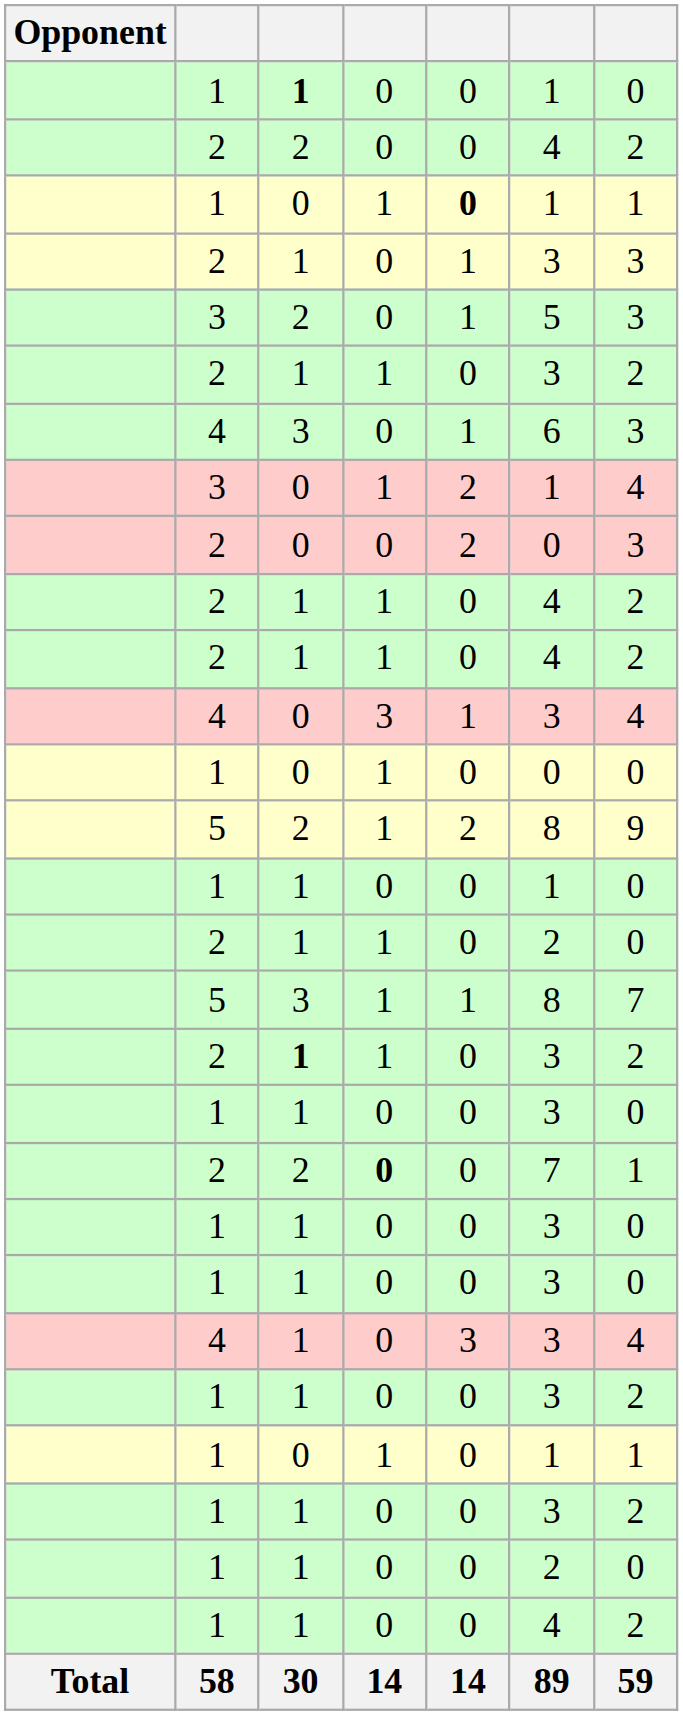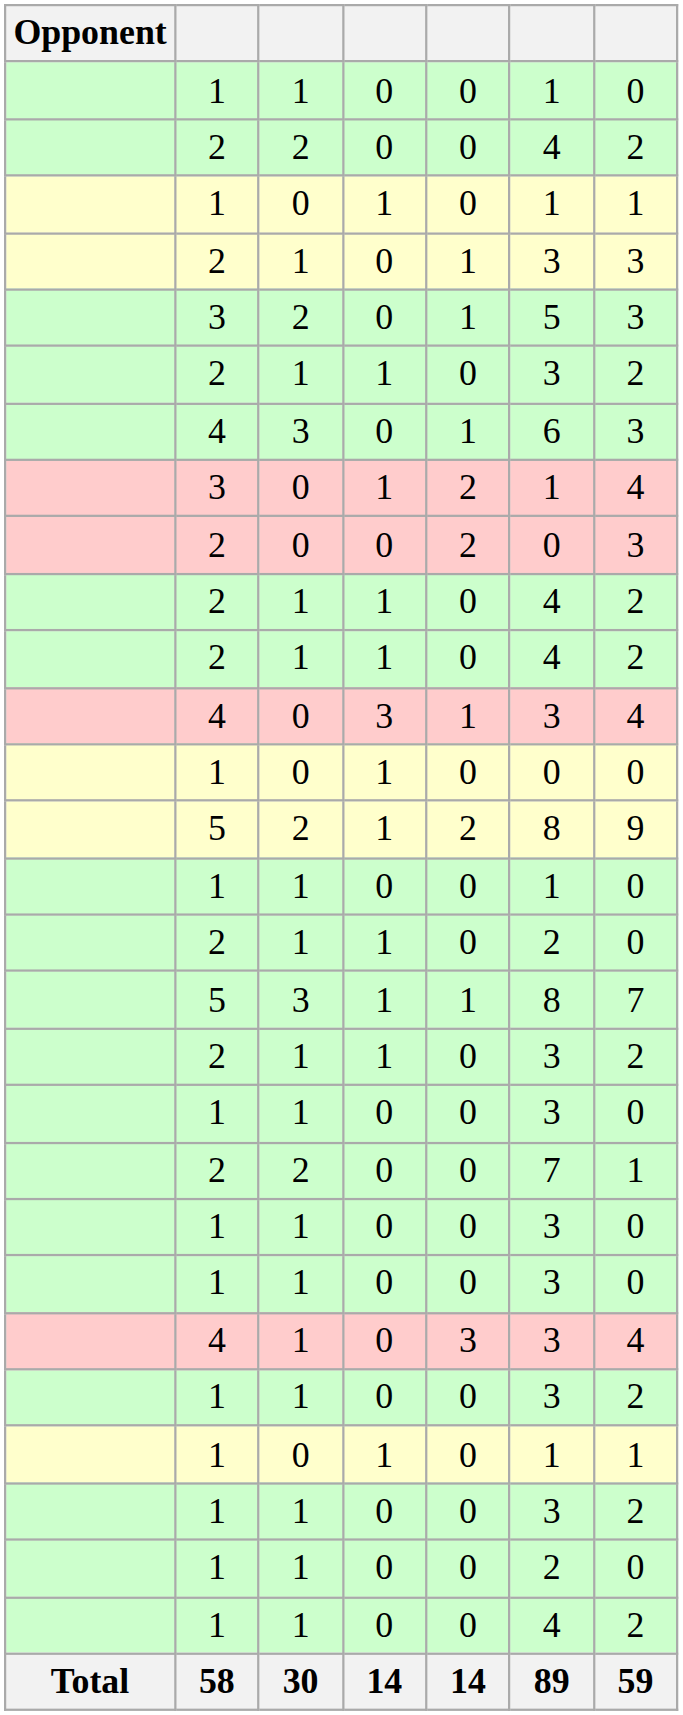 <table class="wikitable sortable" style="text-align: center;">
 <tr>
 <th width="30">Opponent</th>
 <th width="30"></th>
 <th width="30"></th>
 <th width="30"></th>
 <th width="30"></th>
 <th width="30"></th>
 <th width="30"></th>
 </tr>
 <tr bgcolor=#CCFFCC>
 <td align="left"></td>
 <td>1</td>
-<td><strong>1</strong></td>
+<td>1</td>
 <td>0</td>
 <td>0</td>
 <td>1</td>
 <td>0</td>
 </tr>
 <tr bgcolor=#CCFFCC>
 <td align="left"></td>
 <td>2</td>
 <td>2</td>
 <td>0</td>
 <td>0</td>
 <td>4</td>
 <td>2</td>
 </tr>
 <tr bgcolor=#FFFFCC>
 <td align="left"></td>
 <td>1</td>
 <td>0</td>
 <td>1</td>
-<td><strong>0</strong></td>
+<td>0</td>
 <td>1</td>
 <td>1</td>
 </tr>
 <tr bgcolor=#FFFFCC>
 <td align="left"></td>
 <td>2</td>
 <td>1</td>
 <td>0</td>
 <td>1</td>
 <td>3</td>
 <td>3</td>
 </tr>
 <tr bgcolor=#CCFFCC>
 <td align="left"></td>
 <td>3</td>
 <td>2</td>
 <td>0</td>
 <td>1</td>
 <td>5</td>
 <td>3</td>
 </tr>
 <tr bgcolor=#CCFFCC>
 <td align="left"></td>
 <td>2</td>
 <td>1</td>
 <td>1</td>
 <td>0</td>
 <td>3</td>
 <td>2</td>
 </tr>
 <tr bgcolor=#CCFFCC>
 <td align="left"></td>
 <td>4</td>
 <td>3</td>
 <td>0</td>
 <td>1</td>
 <td>6</td>
 <td>3</td>
 </tr>
 <tr bgcolor=#FFCCCC>
 <td align="left"></td>
 <td>3</td>
 <td>0</td>
 <td>1</td>
 <td>2</td>
 <td>1</td>
 <td>4</td>
 </tr>
 <tr bgcolor=#FFCCCC>
 <td align="left"></td>
 <td>2</td>
 <td>0</td>
 <td>0</td>
 <td>2</td>
 <td>0</td>
 <td>3</td>
 </tr>
 <tr bgcolor=#CCFFCC>
 <td align="left"></td>
 <td>2</td>
 <td>1</td>
 <td>1</td>
 <td>0</td>
 <td>4</td>
 <td>2</td>
 </tr>
 <tr bgcolor=#CCFFCC>
 <td align="left"></td>
 <td>2</td>
 <td>1</td>
 <td>1</td>
 <td>0</td>
 <td>4</td>
 <td>2</td>
 </tr>
 <tr bgcolor=#FFCCCC>
 <td align="left"></td>
 <td>4</td>
 <td>0</td>
 <td>3</td>
 <td>1</td>
 <td>3</td>
 <td>4</td>
 </tr>
 <tr bgcolor=#FFFFCC>
 <td align="left"></td>
 <td>1</td>
 <td>0</td>
 <td>1</td>
 <td>0</td>
 <td>0</td>
 <td>0</td>
 </tr>
 <tr bgcolor=#FFFFCC>
 <td align="left"></td>
 <td>5</td>
 <td>2</td>
 <td>1</td>
 <td>2</td>
 <td>8</td>
 <td>9</td>
 </tr>
 <tr bgcolor=#CCFFCC>
 <td align="left"></td>
 <td>1</td>
 <td>1</td>
 <td>0</td>
 <td>0</td>
 <td>1</td>
 <td>0</td>
 </tr>
 <tr bgcolor=#CCFFCC>
 <td align="left"></td>
 <td>2</td>
 <td>1</td>
 <td>1</td>
 <td>0</td>
 <td>2</td>
 <td>0</td>
 </tr>
 <tr bgcolor=#CCFFCC>
 <td align="left"></td>
 <td>5</td>
 <td>3</td>
 <td>1</td>
 <td>1</td>
 <td>8</td>
 <td>7</td>
 </tr>
 <tr bgcolor=#CCFFCC>
 <td align="left"></td>
 <td>2</td>
-<td><strong>1</strong></td>
+<td>1</td>
 <td>1</td>
 <td>0</td>
 <td>3</td>
 <td>2</td>
 </tr>
 <tr bgcolor=#CCFFCC>
 <td align="left"></td>
 <td>1</td>
 <td>1</td>
 <td>0</td>
 <td>0</td>
 <td>3</td>
 <td>0</td>
 </tr>
 <tr bgcolor=#CCFFCC>
 <td align="left"></td>
 <td>2</td>
 <td>2</td>
-<td><strong>0</strong></td>
+<td>0</td>
 <td>0</td>
 <td>7</td>
 <td>1</td>
 </tr>
 <tr bgcolor=#CCFFCC>
 <td align="left"></td>
 <td>1</td>
 <td>1</td>
 <td>0</td>
 <td>0</td>
 <td>3</td>
 <td>0</td>
 </tr>
 <tr bgcolor=#CCFFCC>
 <td align="left"></td>
 <td>1</td>
 <td>1</td>
 <td>0</td>
 <td>0</td>
 <td>3</td>
 <td>0</td>
 </tr>
 <tr bgcolor=#FFCCCC>
 <td align="left"></td>
 <td>4</td>
 <td>1</td>
 <td>0</td>
 <td>3</td>
 <td>3</td>
 <td>4</td>
 </tr>
 <tr bgcolor=#CCFFCC>
 <td align="left"></td>
 <td>1</td>
 <td>1</td>
 <td>0</td>
 <td>0</td>
 <td>3</td>
 <td>2</td>
 </tr>
 <tr bgcolor=#FFFFCC>
 <td align="left"></td>
 <td>1</td>
 <td>0</td>
 <td>1</td>
 <td>0</td>
 <td>1</td>
 <td>1</td>
 </tr>
 <tr bgcolor=#CCFFCC>
 <td align="left"></td>
 <td>1</td>
 <td>1</td>
 <td>0</td>
 <td>0</td>
 <td>3</td>
 <td>2</td>
 </tr>
 <tr bgcolor=#CCFFCC>
 <td align="left"></td>
 <td>1</td>
 <td>1</td>
 <td>0</td>
 <td>0</td>
 <td>2</td>
 <td>0</td>
 </tr>
 <tr bgcolor=#CCFFCC>
 <td align="left"></td>
 <td>1</td>
 <td>1</td>
 <td>0</td>
 <td>0</td>
 <td>4</td>
 <td>2</td>
 </tr>
 <tr>
 <th>Total</th>
 <th>58</th>
 <th>30</th>
 <th>14</th>
 <th>14</th>
 <th>89</th>
 <th>59</th>
 </tr>
 </table>
